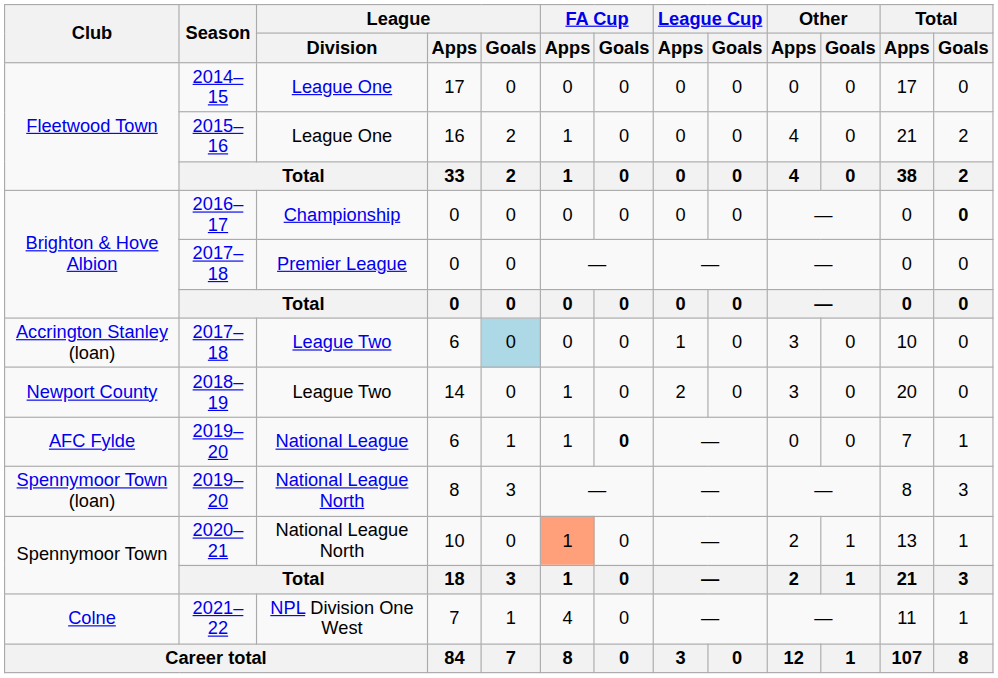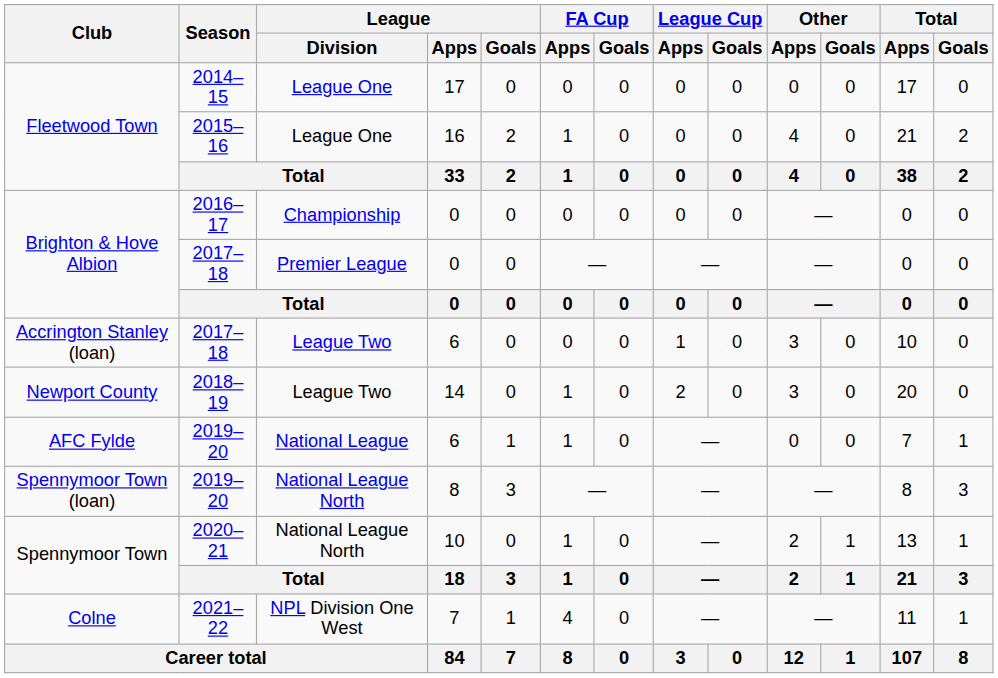 <table class="wikitable" style="text-align: center">
 <tr>
 <th rowspan="2">Club</th>
 <th rowspan="2">Season</th>
 <th colspan="3">League</th>
 <th colspan="2"><a href='#'>FA Cup</a></th>
 <th colspan="2"><a href='#'>League Cup</a></th>
 <th colspan="2">Other</th>
 <th colspan="2">Total</th>
 </tr>
 <tr>
 <th>Division</th>
 <th>Apps</th>
 <th>Goals</th>
 <th>Apps</th>
 <th>Goals</th>
 <th>Apps</th>
 <th>Goals</th>
 <th>Apps</th>
 <th>Goals</th>
 <th>Apps</th>
 <th>Goals</th>
 </tr>
 <tr>
 <td rowspan="3"><a href='#'>Fleetwood Town</a></td>
 <td><a href='#'>2014–15</a></td>
 <td><a href='#'>League One</a></td>
 <td>17</td>
 <td>0</td>
 <td>0</td>
 <td>0</td>
 <td>0</td>
 <td>0</td>
 <td>0</td>
 <td>0</td>
 <td>17</td>
 <td>0</td>
 </tr>
 <tr>
 <td><a href='#'>2015–16</a></td>
 <td>League One</td>
 <td>16</td>
 <td>2</td>
 <td>1</td>
 <td>0</td>
 <td>0</td>
 <td>0</td>
 <td>4</td>
 <td>0</td>
 <td>21</td>
 <td>2</td>
 </tr>
 <tr>
 <th colspan="2">Total</th>
 <th>33</th>
 <th>2</th>
 <th>1</th>
 <th>0</th>
 <th>0</th>
 <th>0</th>
 <th>4</th>
 <th>0</th>
 <th>38</th>
 <th>2</th>
 </tr>
 <tr>
 <td rowspan="3"><a href='#'>Brighton & Hove Albion</a></td>
 <td><a href='#'>2016–17</a></td>
 <td><a href='#'>Championship</a></td>
 <td>0</td>
 <td>0</td>
 <td>0</td>
 <td>0</td>
 <td>0</td>
 <td>0</td>
 <td colspan=2>—</td>
 <td>0</td>
-<td><strong>0</strong></td>
+<td>0</td>
 </tr>
 <tr>
 <td><a href='#'>2017–18</a></td>
 <td><a href='#'>Premier League</a></td>
 <td>0</td>
 <td>0</td>
 <td colspan=2>—</td>
 <td colspan=2>—</td>
 <td colspan=2>—</td>
 <td>0</td>
 <td>0</td>
 </tr>
 <tr>
 <th colspan="2">Total</th>
 <th>0</th>
 <th>0</th>
 <th>0</th>
 <th>0</th>
 <th>0</th>
 <th>0</th>
 <th colspan=2>—</th>
 <th>0</th>
 <th>0</th>
 </tr>
 <tr>
 <td><a href='#'>Accrington Stanley</a> (loan)</td>
 <td><a href='#'>2017–18</a></td>
 <td><a href='#'>League Two</a></td>
 <td>6</td>
-<td style="background: lightblue;">0</td>
+<td>0</td>
 <td>0</td>
 <td>0</td>
 <td>1</td>
 <td>0</td>
 <td>3</td>
 <td>0</td>
 <td>10</td>
 <td>0</td>
 </tr>
 <tr>
 <td><a href='#'>Newport County</a></td>
 <td><a href='#'>2018–19</a></td>
 <td>League Two</td>
 <td>14</td>
 <td>0</td>
 <td>1</td>
 <td>0</td>
 <td>2</td>
 <td>0</td>
 <td>3</td>
 <td>0</td>
 <td>20</td>
 <td>0</td>
 </tr>
 <tr>
 <td><a href='#'>AFC Fylde</a></td>
 <td><a href='#'>2019–20</a></td>
 <td><a href='#'>National League</a></td>
 <td>6</td>
 <td>1</td>
 <td>1</td>
-<td><strong>0</strong></td>
+<td>0</td>
 <td colspan=2>—</td>
 <td>0</td>
 <td>0</td>
 <td>7</td>
 <td>1</td>
 </tr>
 <tr>
 <td><a href='#'>Spennymoor Town</a> (loan)</td>
 <td><a href='#'>2019–20</a></td>
 <td><a href='#'>National League North</a></td>
 <td>8</td>
 <td>3</td>
 <td colspan=2>—</td>
 <td colspan=2>—</td>
 <td colspan=2>—</td>
 <td>8</td>
 <td>3</td>
 </tr>
 <tr>
 <td rowspan="2">Spennymoor Town</td>
 <td><a href='#'>2020–21</a></td>
 <td>National League North</td>
 <td>10</td>
 <td>0</td>
-<td style="background: lightsalmon;">1</td>
+<td>1</td>
 <td>0</td>
 <td colspan=2>—</td>
 <td>2</td>
 <td>1</td>
 <td>13</td>
 <td>1</td>
 </tr>
 <tr>
 <th colspan="2">Total</th>
 <th>18</th>
 <th>3</th>
 <th>1</th>
 <th>0</th>
 <th colspan=2>—</th>
 <th>2</th>
 <th>1</th>
 <th>21</th>
 <th>3</th>
 </tr>
 <tr>
 <td><a href='#'>Colne</a></td>
 <td><a href='#'>2021–22</a></td>
 <td><a href='#'>NPL</a> Division One West</td>
 <td>7</td>
 <td>1</td>
 <td>4</td>
 <td>0</td>
 <td colspan=2>—</td>
 <td colspan=2>—</td>
 <td>11</td>
 <td>1</td>
 </tr>
 <tr>
 <th colspan="3">Career total</th>
 <th>84</th>
 <th>7</th>
 <th>8</th>
 <th>0</th>
 <th>3</th>
 <th>0</th>
 <th>12</th>
 <th>1</th>
 <th>107</th>
 <th>8</th>
 </tr>
 </table>
